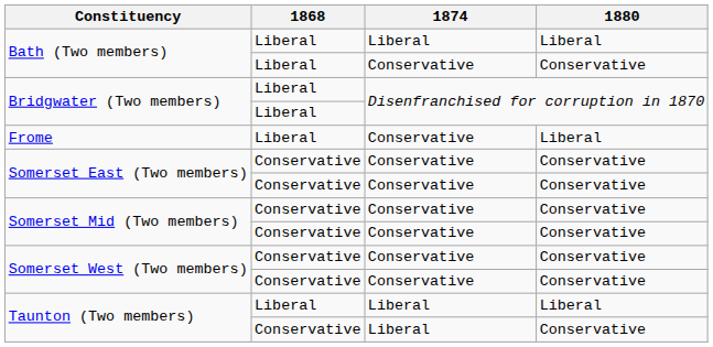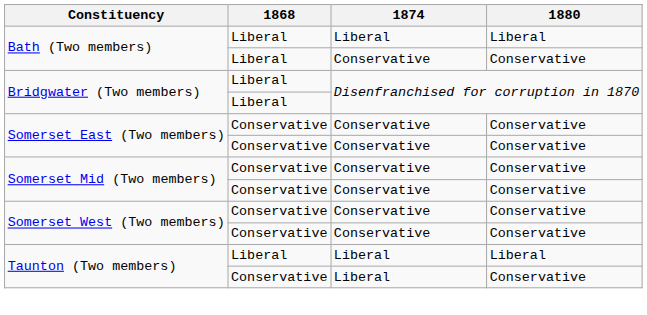 <table class="wikitable">
 <tr>
 <th>Constituency</th>
 <th>1868</th>
 <th>1874</th>
 <th>1880</th>
 </tr>
 <tr>
 <td rowspan="2"><a href='#'>Bath</a> (Two members)</td>
 <td>Liberal</td>
 <td>Liberal</td>
 <td>Liberal</td>
 </tr>
 <tr>
 <td>Liberal</td>
 <td>Conservative</td>
 <td>Conservative</td>
 </tr>
 <tr>
 <td rowspan="2"><a href='#'>Bridgwater</a> (Two members)</td>
 <td>Liberal</td>
 <td colspan="2" rowspan="2"><em>Disenfranchised for corruption in 1870</em></td>
 </tr>
 <tr>
-<td>Liberal</td>
-</tr>
-<tr>
-<td><a href='#'>Frome</a></td>
-<td>Liberal</td>
-<td>Conservative</td>
 <td>Liberal</td>
 </tr>
 <tr>
 <td rowspan="2"><a href='#'>Somerset East</a> (Two members)</td>
 <td>Conservative</td>
 <td>Conservative</td>
 <td>Conservative</td>
 </tr>
 <tr>
 <td>Conservative</td>
 <td>Conservative</td>
 <td>Conservative</td>
 </tr>
 <tr>
 <td rowspan="2"><a href='#'>Somerset Mid</a> (Two members)</td>
 <td>Conservative</td>
 <td>Conservative</td>
 <td>Conservative</td>
 </tr>
 <tr>
 <td>Conservative</td>
 <td>Conservative</td>
 <td>Conservative</td>
 </tr>
 <tr>
 <td rowspan="2"><a href='#'>Somerset West</a> (Two members)</td>
 <td>Conservative</td>
 <td>Conservative</td>
 <td>Conservative</td>
 </tr>
 <tr>
 <td>Conservative</td>
 <td>Conservative</td>
 <td>Conservative</td>
 </tr>
 <tr>
 <td rowspan="2"><a href='#'>Taunton</a> (Two members)</td>
 <td>Liberal</td>
 <td>Liberal</td>
 <td>Liberal</td>
 </tr>
 <tr>
 <td>Conservative</td>
 <td>Liberal</td>
 <td>Conservative</td>
 </tr>
 </table>
